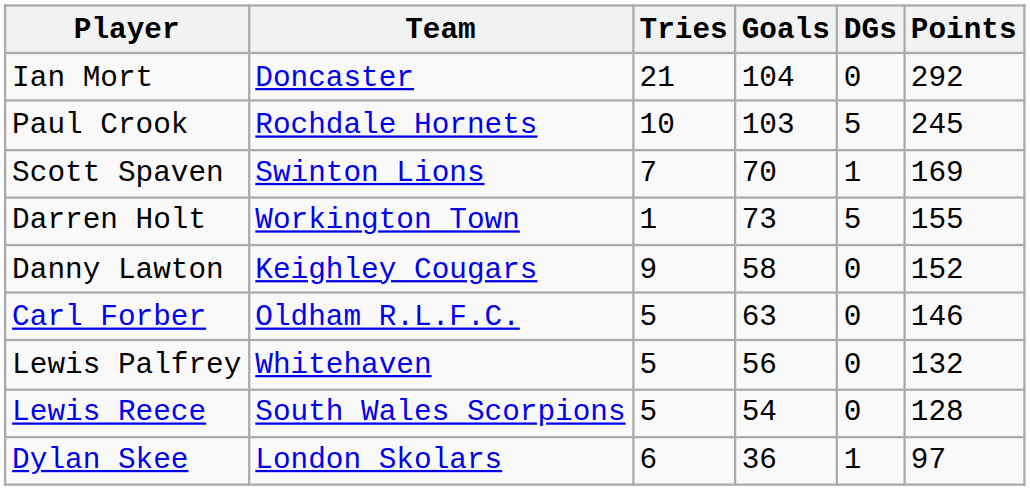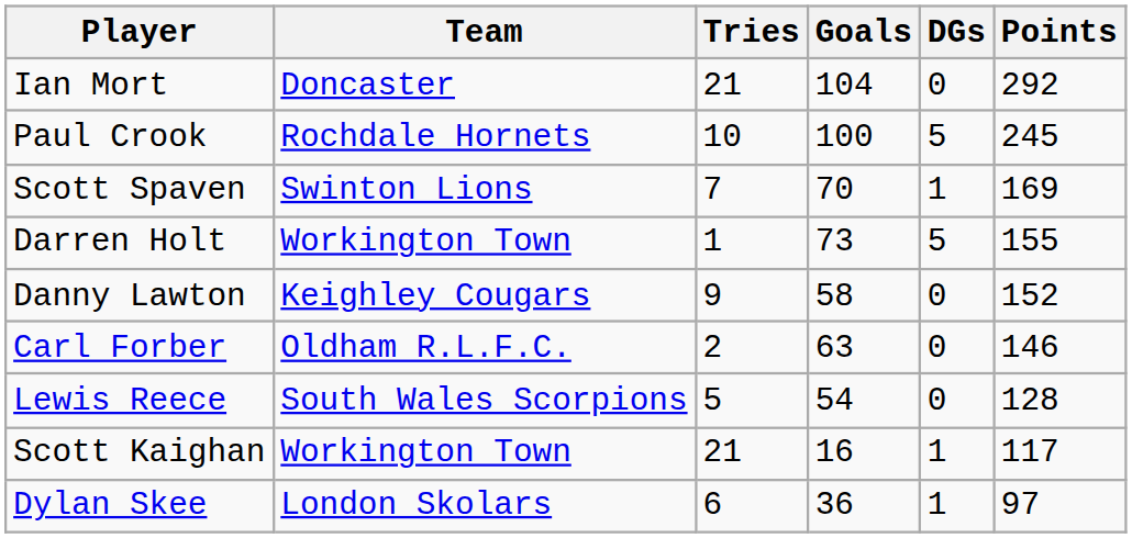 <table class="wikitable" style="text-align:centre; display:inline-table;">
 <tr>
 <th>Player</th>
 <th>Team</th>
 <th>Tries</th>
 <th>Goals</th>
 <th>DGs</th>
 <th>Points</th>
 </tr>
 <tr>
 <td>Ian Mort</td>
 <td><a href='#'>Doncaster</a></td>
 <td>21</td>
 <td>104</td>
 <td>0</td>
 <td>292</td>
 </tr>
 <tr>
 <td>Paul Crook</td>
 <td><a href='#'>Rochdale Hornets</a></td>
 <td>10</td>
-<td>103</td>
+<td>100</td>
 <td>5</td>
 <td>245</td>
 </tr>
 <tr>
 <td>Scott Spaven</td>
 <td><a href='#'>Swinton Lions</a></td>
 <td>7</td>
 <td>70</td>
 <td>1</td>
 <td>169</td>
 </tr>
 <tr>
 <td>Darren Holt</td>
 <td><a href='#'>Workington Town</a></td>
 <td>1</td>
 <td>73</td>
 <td>5</td>
 <td>155</td>
 </tr>
 <tr>
 <td>Danny Lawton</td>
 <td><a href='#'>Keighley Cougars</a></td>
 <td>9</td>
 <td>58</td>
 <td>0</td>
 <td>152</td>
 </tr>
 <tr>
 <td><a href='#'>Carl Forber</a></td>
 <td><a href='#'>Oldham R.L.F.C.</a></td>
-<td>5</td>
+<td>2</td>
 <td>63</td>
 <td>0</td>
 <td>146</td>
-</tr>
-<tr>
-<td>Lewis Palfrey</td>
-<td><a href='#'>Whitehaven</a></td>
-<td>5</td>
-<td>56</td>
-<td>0</td>
-<td>132</td>
 </tr>
 <tr>
 <td><a href='#'>Lewis Reece</a></td>
 <td><a href='#'>South Wales Scorpions</a></td>
 <td>5</td>
 <td>54</td>
 <td>0</td>
 <td>128</td>
 </tr>
 <tr>
+<td>Scott Kaighan</td>
+<td><a href='#'>Workington Town</a></td>
+<td>21</td>
+<td>16</td>
+<td>1</td>
+<td>117</td>
+</tr>
+<tr>
 <td><a href='#'>Dylan Skee</a></td>
 <td><a href='#'>London Skolars</a></td>
 <td>6</td>
 <td>36</td>
 <td>1</td>
 <td>97</td>
 </tr>
 </table>
